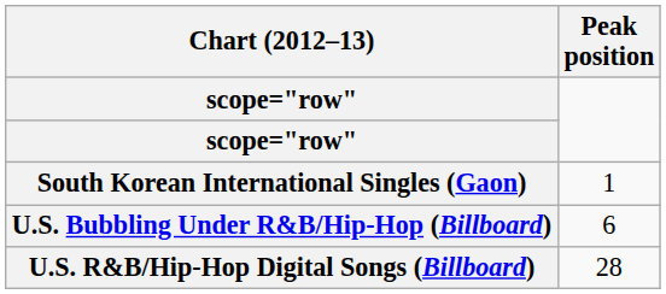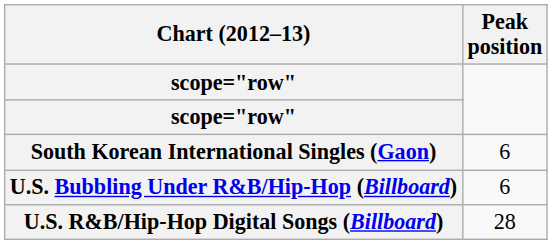 <table class="wikitable sortable plainrowheaders" style="text-align:center;">
 <tr>
 <th scope="col">Chart (2012–13)</th>
 <th>Peak<br>position</th>
 </tr>
 <tr>
 <th>scope="row" </th>
 </tr>
 <tr>
 <th>scope="row" </th>
 </tr>
 <tr>
 <th scope="row">South Korean International Singles (<a href='#'>Gaon</a>)</th>
-<td>1</td>
+<td>6</td>
 </tr>
 <tr>
 <th scope="row">U.S. <a href='#'>Bubbling Under R&B/Hip-Hop</a> (<em><a href='#'>Billboard</a></em>)</th>
 <td>6</td>
 </tr>
 <tr>
 <th scope="row">U.S. R&B/Hip-Hop Digital Songs (<em><a href='#'>Billboard</a></em>)</th>
 <td>28</td>
 </tr>
 </table>
